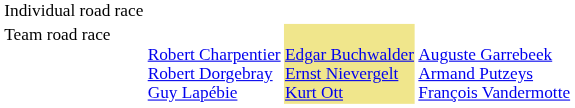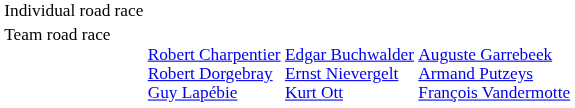 <table>
 <tr>
 <td>Individual road race<br></td>
 <td></td>
 <td></td>
 <td></td>
 </tr>
 <tr valign="top">
 <td>Team road race<br></td>
 <td><br><a href='#'>Robert Charpentier</a><br><a href='#'>Robert Dorgebray</a><br><a href='#'>Guy Lapébie</a></td>
-<td style="background: khaki;"><br><a href='#'>Edgar Buchwalder</a><br><a href='#'>Ernst Nievergelt</a><br><a href='#'>Kurt Ott</a></td>
+<td><br><a href='#'>Edgar Buchwalder</a><br><a href='#'>Ernst Nievergelt</a><br><a href='#'>Kurt Ott</a></td>
 <td><br><a href='#'>Auguste Garrebeek</a><br><a href='#'>Armand Putzeys</a><br><a href='#'>François Vandermotte</a></td>
 </tr>
 </table>
